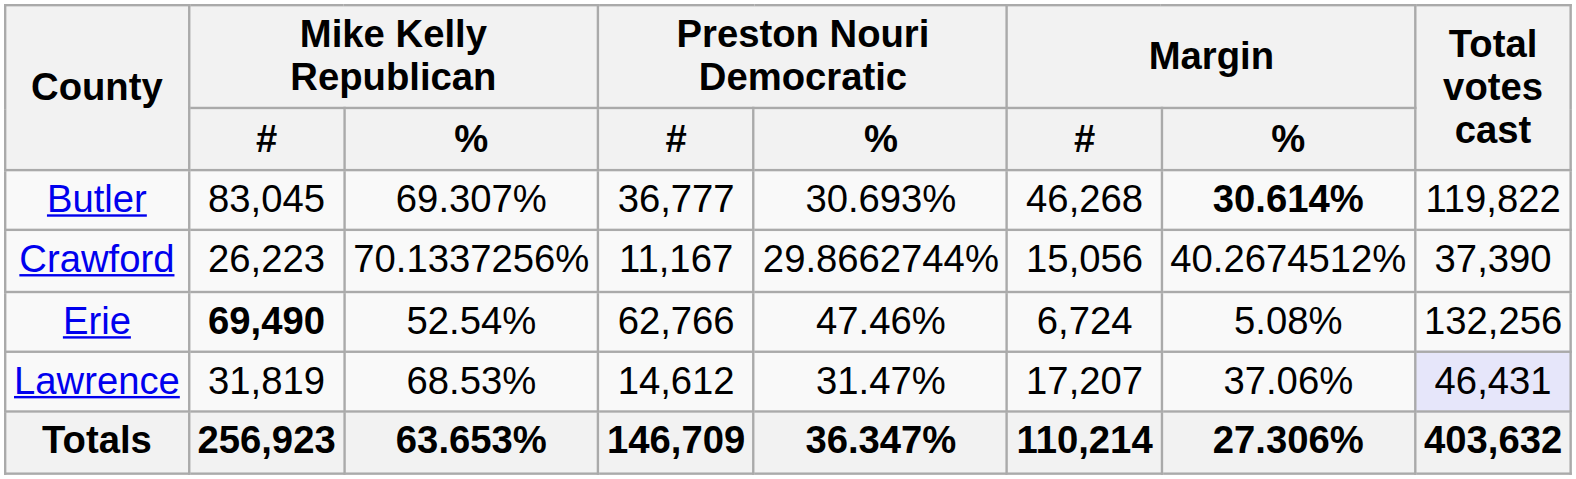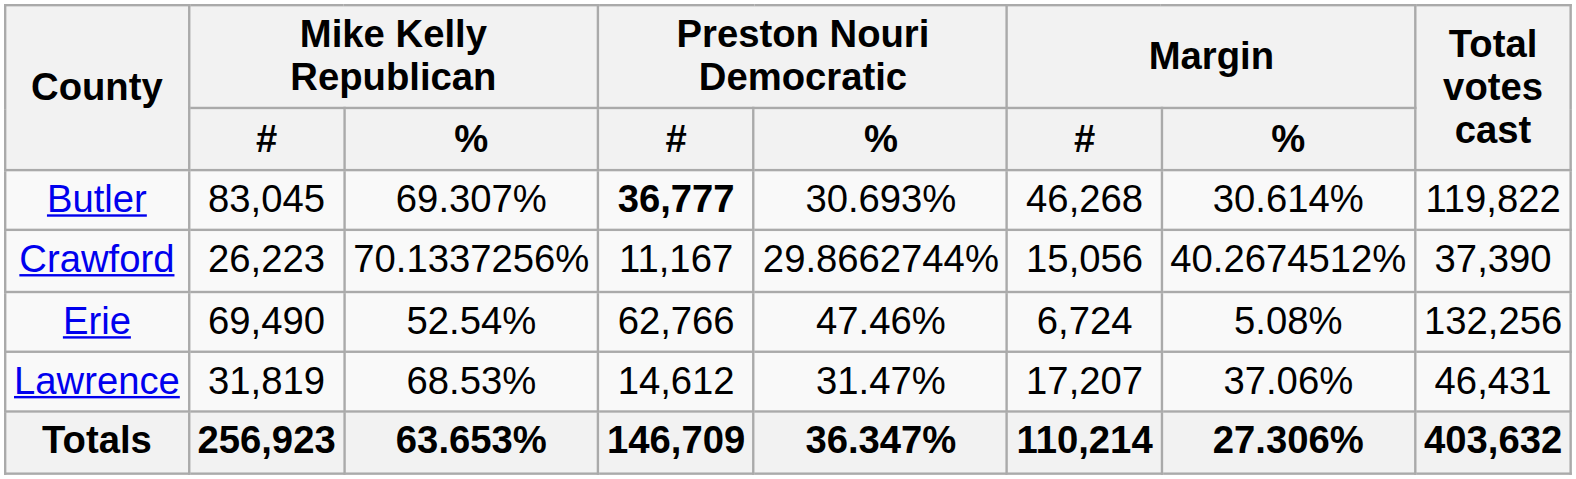 <table width="60%"  class="wikitable sortable" style="text-align:center">
 <tr>
 <th rowspan="2">County</th>
 <th style="text-align:center;" colspan="2">Mike Kelly<br>Republican</th>
 <th style="text-align:center;" colspan="2">Preston Nouri<br>Democratic</th>
 <th style="text-align:center;" colspan="2">Margin</th>
 <th rowspan="2" style="text-align:center;">Total votes cast</th>
 </tr>
 <tr>
 <th style="text-align:center;" data-sort-type="number">#</th>
 <th style="text-align:center;" data-sort-type="number">%</th>
 <th style="text-align:center;" data-sort-type="number">#</th>
 <th style="text-align:center;" data-sort-type="number">%</th>
 <th style="text-align:center;" data-sort-type="number">#</th>
 <th style="text-align:center;" data-sort-type="number">%</th>
 </tr>
 <tr style="text-align:center;">
 <td><a href='#'>Butler</a></td>
 <td>83,045</td>
 <td>69.307%</td>
-<td>36,777</td>
+<td><strong>36,777</strong></td>
 <td>30.693%</td>
 <td>46,268</td>
-<td><strong>30.614%</strong></td>
+<td>30.614%</td>
 <td>119,822</td>
 </tr>
 <tr style="text-align:center;">
 <td><a href='#'>Crawford</a></td>
 <td>26,223</td>
 <td>70.1337256%</td>
 <td>11,167</td>
 <td>29.8662744%</td>
 <td>15,056</td>
 <td>40.2674512%</td>
 <td>37,390</td>
 </tr>
 <tr style="text-align:center;">
 <td><a href='#'>Erie</a></td>
-<td><strong>69,490</strong></td>
+<td>69,490</td>
 <td>52.54%</td>
 <td>62,766</td>
 <td>47.46%</td>
 <td>6,724</td>
 <td>5.08%</td>
 <td>132,256</td>
 </tr>
 <tr style="text-align:center;">
 <td><a href='#'>Lawrence</a></td>
 <td>31,819</td>
 <td>68.53%</td>
 <td>14,612</td>
 <td>31.47%</td>
 <td>17,207</td>
 <td>37.06%</td>
-<td style="background: lavender;">46,431</td>
+<td>46,431</td>
 </tr>
 <tr style="text-align:center;">
 <th>Totals</th>
 <th>256,923</th>
 <th>63.653%</th>
 <th>146,709</th>
 <th>36.347%</th>
 <th>110,214</th>
 <th>27.306%</th>
 <th>403,632</th>
 </tr>
 </table>
